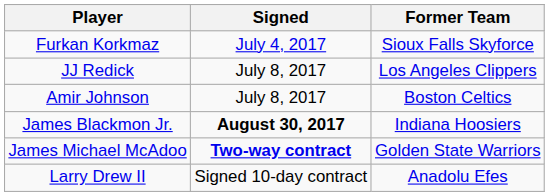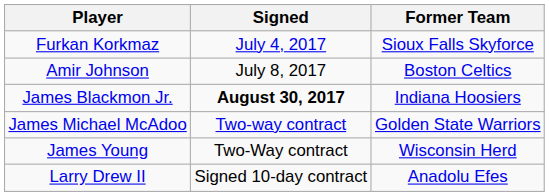 <table class="wikitable sortable sortable">
 <tr>
 <th>Player</th>
 <th>Signed</th>
 <th>Former Team</th>
 </tr>
 <tr style="text-align: center">
 <td><a href='#'>Furkan Korkmaz</a></td>
 <td><a href='#'>July 4, 2017</a></td>
 <td><a href='#'>Sioux Falls Skyforce</a></td>
-</tr>
-<tr style="text-align: center">
-<td><a href='#'>JJ Redick</a></td>
-<td>July 8, 2017</td>
-<td><a href='#'>Los Angeles Clippers</a></td>
 </tr>
 <tr style="text-align: center">
 <td><a href='#'>Amir Johnson</a></td>
 <td>July 8, 2017</td>
 <td><a href='#'>Boston Celtics</a></td>
 </tr>
 <tr style="text-align: center">
 <td><a href='#'>James Blackmon Jr.</a></td>
 <td><strong>August 30, 2017</strong></td>
 <td><a href='#'>Indiana Hoosiers</a></td>
 </tr>
 <tr style="text-align: center">
 <td><a href='#'>James Michael McAdoo</a></td>
-<td><strong><a href='#'>Two-way contract</a></strong></td>
+<td><a href='#'>Two-way contract</a></td>
 <td><a href='#'>Golden State Warriors</a></td>
+</tr>
+<tr style="text-align: center">
+<td><a href='#'>James Young</a></td>
+<td>Two-Way contract</td>
+<td><a href='#'>Wisconsin Herd</a></td>
 </tr>
 <tr style="text-align: center">
 <td><a href='#'>Larry Drew II</a></td>
 <td>Signed 10-day contract</td>
 <td> <a href='#'>Anadolu Efes</a></td>
 </tr>
 </table>
